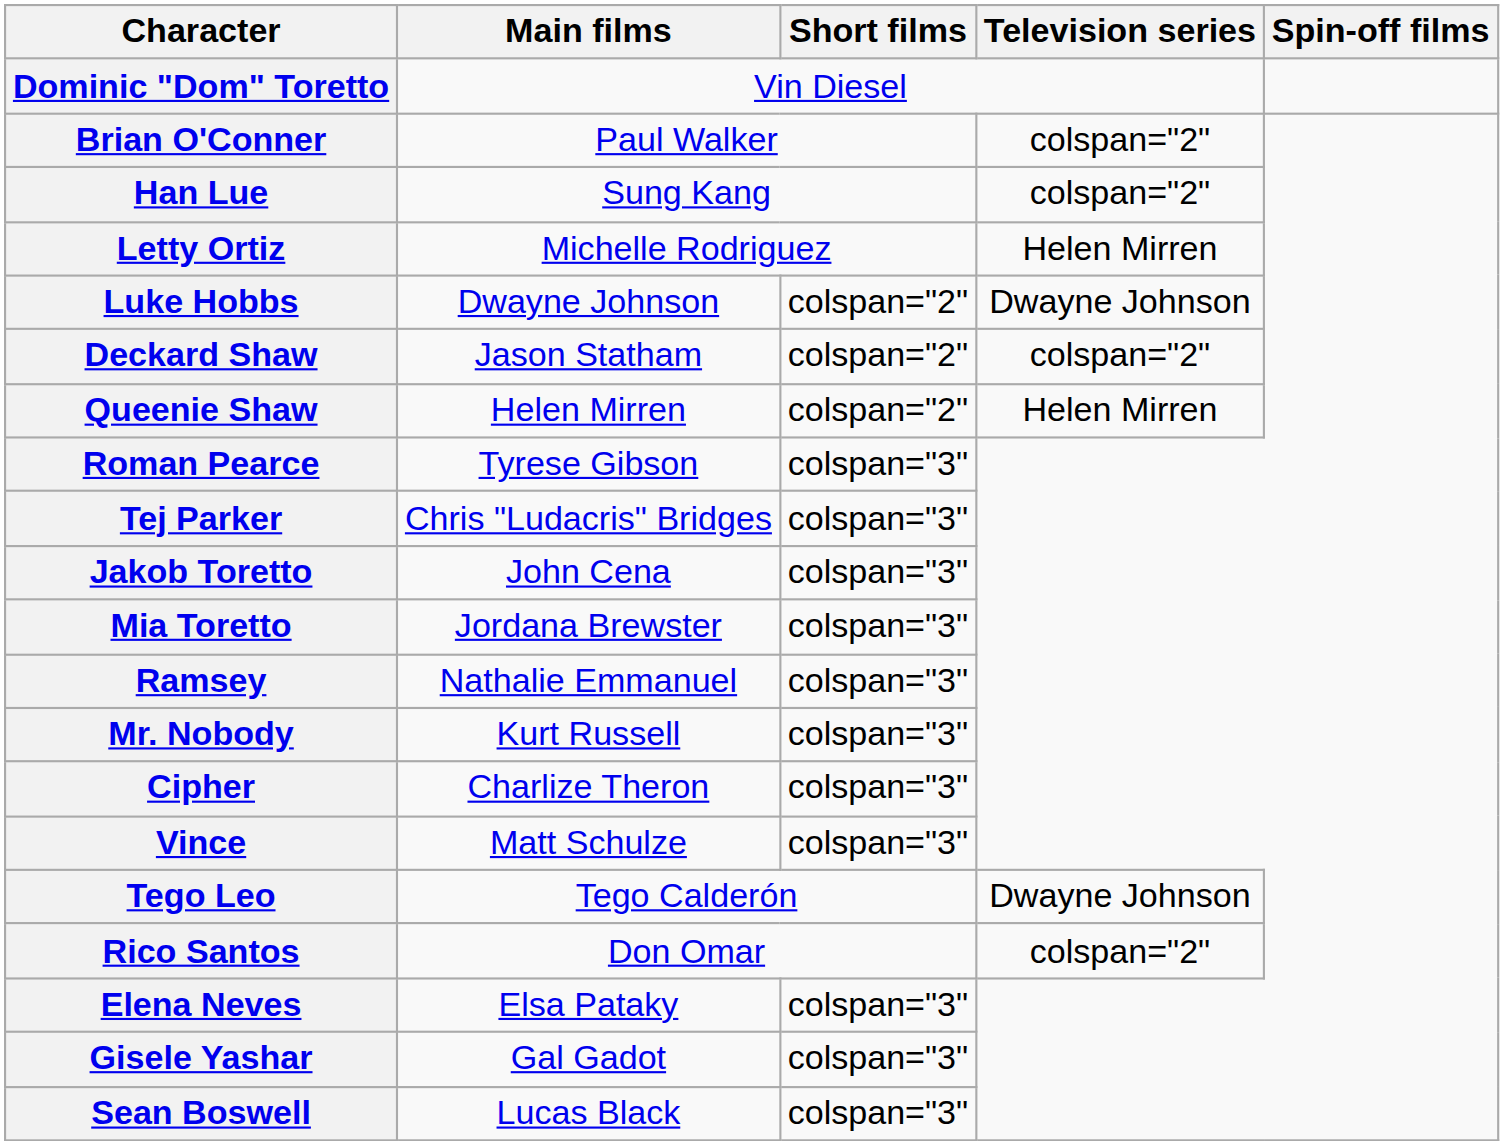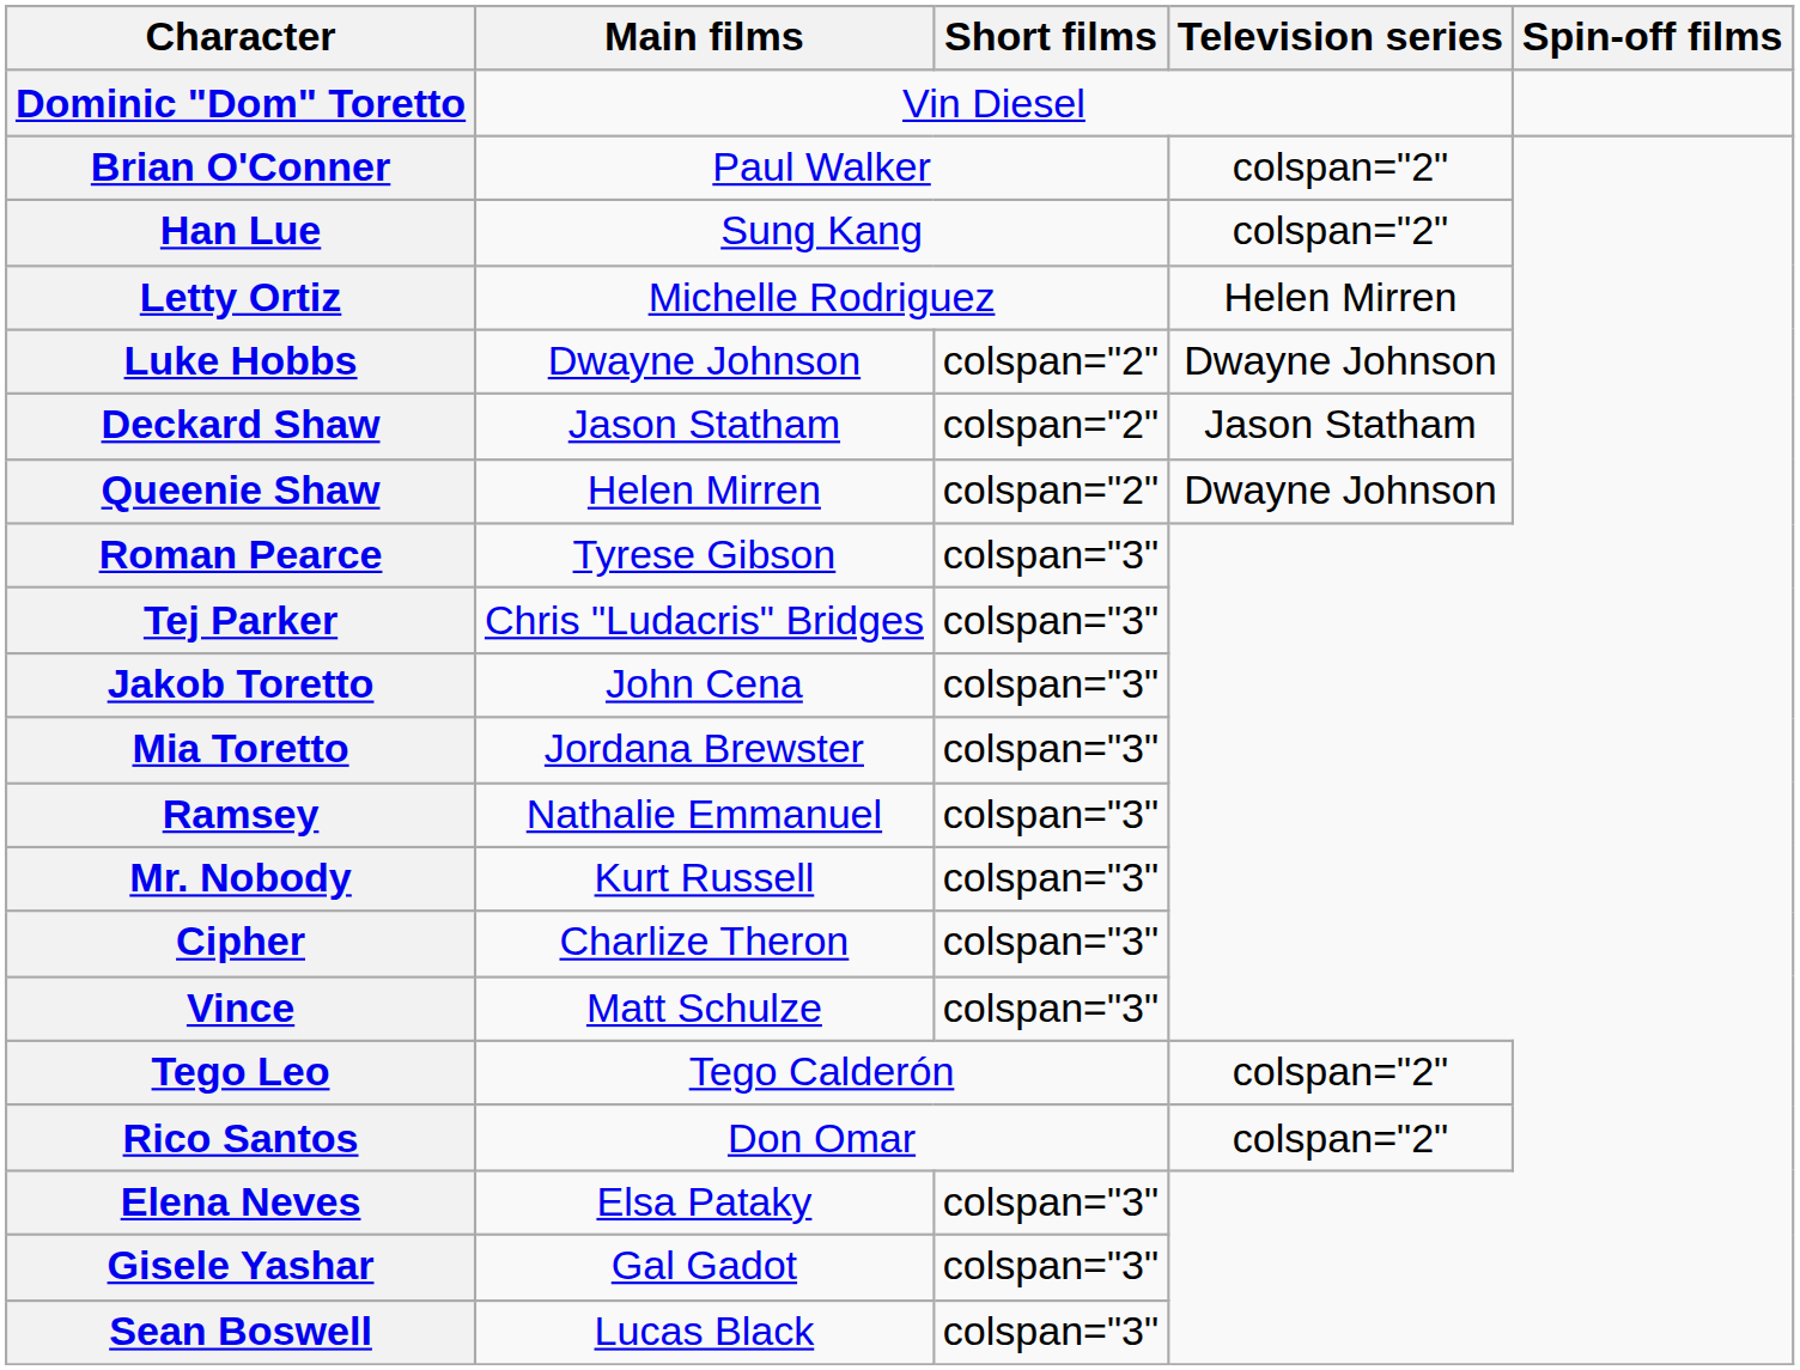 <table class="wikitable plainrowheaders" style="text-align:center">
 <tr>
 <th scope="col" align="center">Character</th>
 <th scope="col" align="center">Main films</th>
 <th scope="col" align="center">Short films</th>
 <th scope="col" align="center">Television series</th>
 <th scope="col" align="center">Spin-off films</th>
 </tr>
 <tr>
 <th scope="row"><a href='#'>Dominic "Dom" Toretto</a></th>
 <td colspan="3"><a href='#'>Vin Diesel</a></td>
 <td></td>
 </tr>
 <tr>
 <th scope="row"><a href='#'>Brian O'Conner</a></th>
 <td colspan="2"><a href='#'>Paul Walker</a></td>
 <td>colspan="2" </td>
 </tr>
 <tr>
 <th scope="row"><a href='#'>Han Lue</a></th>
 <td colspan="2"><a href='#'>Sung Kang</a></td>
 <td>colspan="2" </td>
 </tr>
 <tr>
 <th scope="row"><a href='#'>Letty Ortiz</a></th>
 <td colspan="2"><a href='#'>Michelle Rodriguez</a></td>
 <td>Helen Mirren</td>
 </tr>
 <tr>
 <th scope="row"><a href='#'>Luke Hobbs</a></th>
 <td><a href='#'>Dwayne Johnson</a></td>
 <td>colspan="2" </td>
 <td>Dwayne Johnson</td>
 </tr>
 <tr>
 <th scope="row"><a href='#'>Deckard Shaw</a></th>
 <td><a href='#'>Jason Statham</a></td>
 <td>colspan="2" </td>
-<td>colspan="2" </td>
+<td>Jason Statham</td>
 </tr>
 <tr>
 <th scope="row"><a href='#'>Queenie Shaw</a></th>
 <td><a href='#'>Helen Mirren</a></td>
 <td>colspan="2" </td>
-<td>Helen Mirren</td>
+<td>Dwayne Johnson</td>
 </tr>
 <tr>
 <th scope="row"><a href='#'>Roman Pearce</a></th>
 <td><a href='#'>Tyrese Gibson</a></td>
 <td>colspan="3" </td>
 </tr>
 <tr>
 <th scope="row"><a href='#'>Tej Parker</a></th>
 <td><a href='#'>Chris "Ludacris" Bridges</a></td>
 <td>colspan="3" </td>
 </tr>
 <tr>
 <th scope="row"><a href='#'>Jakob Toretto</a></th>
 <td><a href='#'>John Cena</a></td>
 <td>colspan="3" </td>
 </tr>
 <tr>
 <th scope="row"><a href='#'>Mia Toretto</a></th>
 <td><a href='#'>Jordana Brewster</a></td>
 <td>colspan="3" </td>
 </tr>
 <tr>
 <th scope="row"><a href='#'>Ramsey</a></th>
 <td><a href='#'>Nathalie Emmanuel</a></td>
 <td>colspan="3" </td>
 </tr>
 <tr>
 <th scope="row"><a href='#'>Mr. Nobody</a></th>
 <td><a href='#'>Kurt Russell</a></td>
 <td>colspan="3" </td>
 </tr>
 <tr>
 <th scope="row"><a href='#'>Cipher</a></th>
 <td><a href='#'>Charlize Theron</a></td>
 <td>colspan="3" </td>
 </tr>
 <tr>
 <th scope="row"><a href='#'>Vince</a></th>
 <td><a href='#'>Matt Schulze</a></td>
 <td>colspan="3" </td>
 </tr>
 <tr>
 <th scope="row"><a href='#'>Tego Leo</a></th>
 <td colspan="2"><a href='#'>Tego Calderón</a></td>
-<td>Dwayne Johnson</td>
+<td>colspan="2" </td>
 </tr>
 <tr>
 <th scope="row"><a href='#'>Rico Santos</a></th>
 <td colspan="2"><a href='#'>Don Omar</a></td>
 <td>colspan="2" </td>
 </tr>
 <tr>
 <th scope="row"><a href='#'>Elena Neves</a></th>
 <td><a href='#'>Elsa Pataky</a></td>
 <td>colspan="3" </td>
 </tr>
 <tr>
 <th scope="row"><a href='#'>Gisele Yashar</a></th>
 <td><a href='#'>Gal Gadot</a></td>
 <td>colspan="3" </td>
 </tr>
 <tr>
 <th scope="row"><a href='#'>Sean Boswell</a></th>
 <td><a href='#'>Lucas Black</a></td>
 <td>colspan="3" </td>
 </tr>
 </table>
